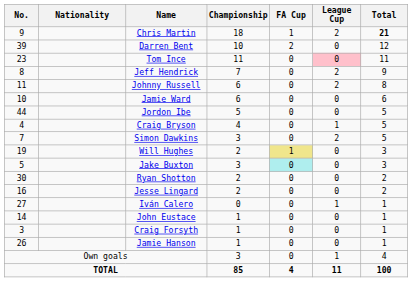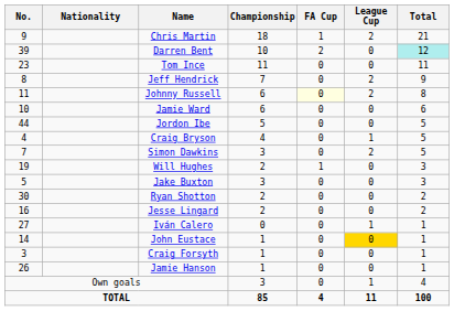 <table class="wikitable" style="font-size: 95%; text-align: center;">
 <tr>
 <th width=60>No.</th>
 <th width=150>Nationality</th>
 <th width=150>Name</th>
 <th width=80>Championship</th>
 <th width=80>FA Cup</th>
 <th width=80>League Cup</th>
 <th width=80>Total</th>
 </tr>
 <tr>
 <td>9</td>
 <td></td>
 <td><a href='#'>Chris Martin</a></td>
 <td>18</td>
 <td>1</td>
 <td>2</td>
-<td><strong>21</strong></td>
+<td>21</td>
 </tr>
 <tr>
 <td>39</td>
 <td></td>
 <td><a href='#'>Darren Bent</a></td>
 <td>10</td>
 <td>2</td>
 <td>0</td>
-<td>12</td>
+<td style="background: paleturquoise;">12</td>
 </tr>
 <tr>
 <td>23</td>
 <td></td>
 <td><a href='#'>Tom Ince</a></td>
 <td>11</td>
 <td>0</td>
-<td style="background: pink;">0</td>
+<td>0</td>
 <td>11</td>
 </tr>
 <tr>
 <td>8</td>
 <td></td>
 <td><a href='#'>Jeff Hendrick</a></td>
 <td>7</td>
 <td>0</td>
 <td>2</td>
 <td>9</td>
 </tr>
 <tr>
 <td>11</td>
 <td></td>
 <td><a href='#'>Johnny Russell</a></td>
 <td>6</td>
-<td>0</td>
+<td style="background: lightyellow;">0</td>
 <td>2</td>
 <td>8</td>
 </tr>
 <tr>
 <td>10</td>
 <td></td>
 <td><a href='#'>Jamie Ward</a></td>
 <td>6</td>
 <td>0</td>
 <td>0</td>
 <td>6</td>
 </tr>
 <tr>
 <td>44</td>
 <td></td>
 <td><a href='#'>Jordon Ibe</a></td>
 <td>5</td>
 <td>0</td>
 <td>0</td>
 <td>5</td>
 </tr>
 <tr>
 <td>4</td>
 <td></td>
 <td><a href='#'>Craig Bryson</a></td>
 <td>4</td>
 <td>0</td>
 <td>1</td>
 <td>5</td>
 </tr>
 <tr>
 <td>7</td>
 <td></td>
 <td><a href='#'>Simon Dawkins</a></td>
 <td>3</td>
 <td>0</td>
 <td>2</td>
 <td>5</td>
 </tr>
 <tr>
 <td>19</td>
 <td></td>
 <td><a href='#'>Will Hughes</a></td>
 <td>2</td>
-<td style="background: khaki;">1</td>
+<td>1</td>
 <td>0</td>
 <td>3</td>
 </tr>
 <tr>
 <td>5</td>
 <td></td>
 <td><a href='#'>Jake Buxton</a></td>
 <td>3</td>
-<td style="background: paleturquoise;">0</td>
+<td>0</td>
 <td>0</td>
 <td>3</td>
 </tr>
 <tr>
 <td>30</td>
 <td></td>
 <td><a href='#'>Ryan Shotton</a></td>
 <td>2</td>
 <td>0</td>
 <td>0</td>
 <td>2</td>
 </tr>
 <tr>
 <td>16</td>
 <td></td>
 <td><a href='#'>Jesse Lingard</a></td>
 <td>2</td>
 <td>0</td>
 <td>0</td>
 <td>2</td>
 </tr>
 <tr>
 <td>27</td>
 <td></td>
 <td><a href='#'>Iván Calero</a></td>
 <td>0</td>
 <td>0</td>
 <td>1</td>
 <td>1</td>
 </tr>
 <tr>
 <td>14</td>
 <td></td>
 <td><a href='#'>John Eustace</a></td>
 <td>1</td>
 <td>0</td>
-<td>0</td>
+<td style="background: gold;">0</td>
 <td>1</td>
 </tr>
 <tr>
 <td>3</td>
 <td></td>
 <td><a href='#'>Craig Forsyth</a></td>
 <td>1</td>
 <td>0</td>
 <td>0</td>
 <td>1</td>
 </tr>
 <tr>
 <td>26</td>
 <td></td>
 <td><a href='#'>Jamie Hanson</a></td>
 <td>1</td>
 <td>0</td>
 <td>0</td>
 <td>1</td>
 </tr>
 <tr>
 <td colspan="3">Own goals</td>
 <td>3</td>
 <td>0</td>
 <td>1</td>
 <td>4</td>
 </tr>
 <tr>
 <td colspan="3"><strong>TOTAL</strong></td>
 <td><strong>85</strong></td>
 <td><strong>4</strong></td>
 <td><strong>11</strong></td>
 <td><strong>100</strong></td>
 </tr>
 </table>
